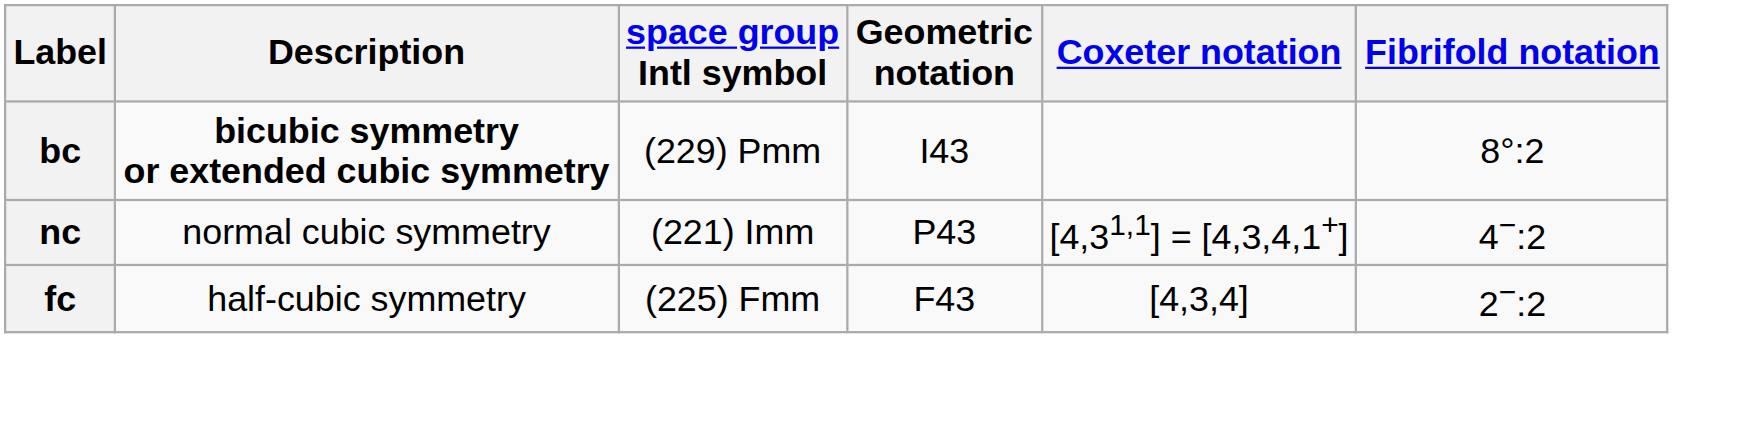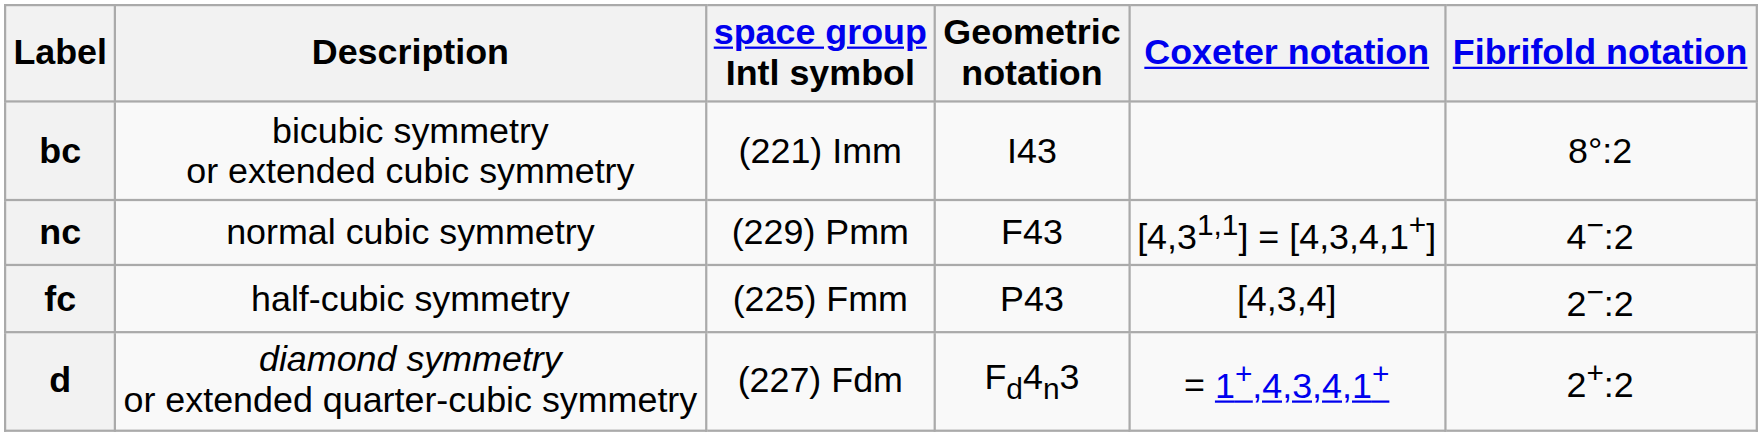 <table class=wikitable>
 <tr>
 <th>Label</th>
 <th>Description</th>
 <th><a href='#'>space group</a><br>Intl symbol</th>
 <th>Geometric<br>notation</th>
 <th><a href='#'>Coxeter notation</a></th>
 <th><a href='#'>Fibrifold notation</a></th>
 </tr>
 <tr align=center>
 <th>bc</th>
-<td><strong>bicubic symmetry<br>or extended cubic symmetry</strong></td>
-<td>(229) Pmm</td>
+<td>bicubic symmetry<br>or extended cubic symmetry</td>
+<td>(221) Imm</td>
 <td>I43</td>
 <td><br></td>
 <td>8°:2</td>
 </tr>
 <tr align=center>
 <th>nc</th>
 <td>normal cubic symmetry</td>
-<td>(221) Imm</td>
-<td>P43</td>
+<td>(229) Pmm</td>
+<td>F43</td>
 <td>[4,3<sup>1,1</sup>] = [4,3,4,1<sup>+</sup>]<br></td>
 <td>4<sup>−</sup>:2</td>
 </tr>
 <tr align=center>
 <th>fc</th>
 <td>half-cubic symmetry</td>
 <td>(225) Fmm</td>
-<td>F43</td>
+<td>P43</td>
 <td>[4,3,4]<br></td>
 <td>2<sup>−</sup>:2</td>
 </tr>
+<tr align=center>
+<th>d</th>
+<td><em>diamond symmetry</em><br>or extended quarter-cubic symmetry</td>
+<td>(227) Fdm</td>
+<td>F<sub>d</sub>4<sub>n</sub>3</td>
+<td> = <a href='#'>1<sup>+</sup>,4,3,4,1<sup>+</sup></a><br></td>
+<td>2<sup>+</sup>:2</td>
+</tr>
 </table>
